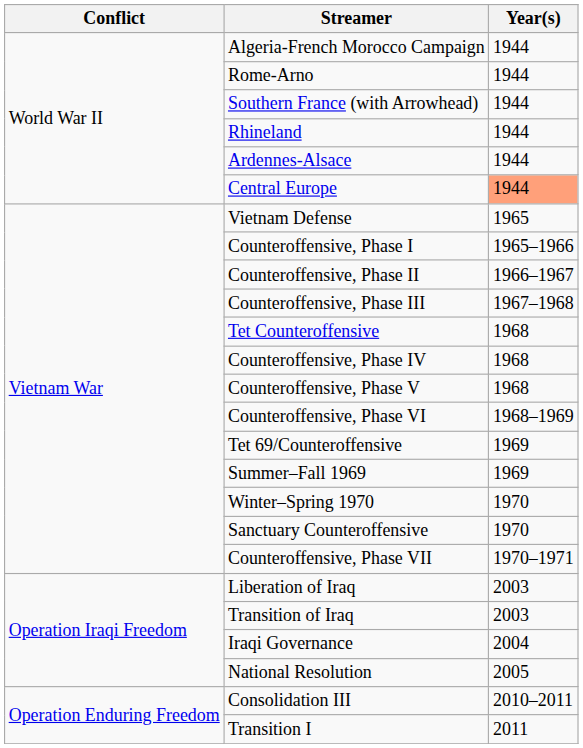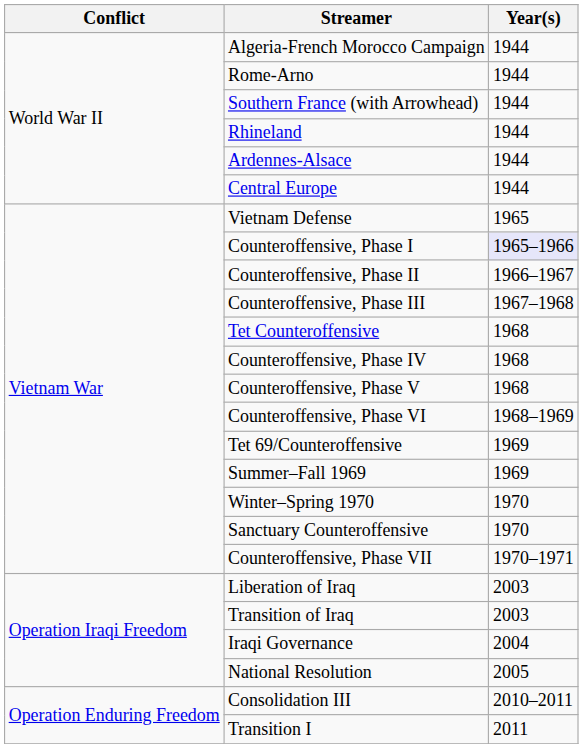 <table class=wikitable>
 <tr style="background:#efefef;">
 <th>Conflict</th>
 <th>Streamer</th>
 <th>Year(s)</th>
 </tr>
 <tr>
 <td rowspan="6">World War II <br> </td>
 <td>Algeria-French Morocco Campaign</td>
 <td>1944</td>
 </tr>
 <tr>
 <td>Rome-Arno</td>
 <td>1944</td>
 </tr>
 <tr>
 <td><a href='#'>Southern France</a> (with Arrowhead)</td>
 <td>1944</td>
 </tr>
 <tr>
 <td><a href='#'>Rhineland</a></td>
 <td>1944</td>
 </tr>
 <tr>
 <td><a href='#'>Ardennes-Alsace</a></td>
 <td>1944</td>
 </tr>
 <tr>
 <td><a href='#'>Central Europe</a></td>
-<td style="background: lightsalmon;">1944</td>
+<td>1944</td>
 </tr>
 <tr>
 <td rowspan="13"><a href='#'>Vietnam War</a> <br> </td>
 <td>Vietnam Defense</td>
 <td>1965</td>
 </tr>
 <tr>
 <td>Counteroffensive, Phase I</td>
-<td>1965–1966</td>
+<td style="background: lavender;">1965–1966</td>
 </tr>
 <tr>
 <td>Counteroffensive, Phase II</td>
 <td>1966–1967</td>
 </tr>
 <tr>
 <td>Counteroffensive, Phase III</td>
 <td>1967–1968</td>
 </tr>
 <tr>
 <td><a href='#'>Tet Counteroffensive</a></td>
 <td>1968</td>
 </tr>
 <tr>
 <td>Counteroffensive, Phase IV</td>
 <td>1968</td>
 </tr>
 <tr>
 <td>Counteroffensive, Phase V</td>
 <td>1968</td>
 </tr>
 <tr>
 <td>Counteroffensive, Phase VI</td>
 <td>1968–1969</td>
 </tr>
 <tr>
 <td>Tet 69/Counteroffensive</td>
 <td>1969</td>
 </tr>
 <tr>
 <td>Summer–Fall 1969</td>
 <td>1969</td>
 </tr>
 <tr>
 <td>Winter–Spring 1970</td>
 <td>1970</td>
 </tr>
 <tr>
 <td>Sanctuary Counteroffensive</td>
 <td>1970</td>
 </tr>
 <tr>
 <td>Counteroffensive, Phase VII</td>
 <td>1970–1971</td>
 </tr>
 <tr>
 <td rowspan="4"><a href='#'>Operation Iraqi Freedom</a><br> </td>
 <td>Liberation of Iraq</td>
 <td>2003</td>
 </tr>
 <tr>
 <td>Transition of Iraq</td>
 <td>2003</td>
 </tr>
 <tr>
 <td>Iraqi Governance</td>
 <td>2004</td>
 </tr>
 <tr>
 <td>National Resolution</td>
 <td>2005</td>
 </tr>
 <tr>
 <td rowspan="2"><a href='#'>Operation Enduring Freedom</a> <br> </td>
 <td>Consolidation III</td>
 <td>2010–2011</td>
 </tr>
 <tr>
 <td>Transition I</td>
 <td>2011</td>
 </tr>
 </table>
